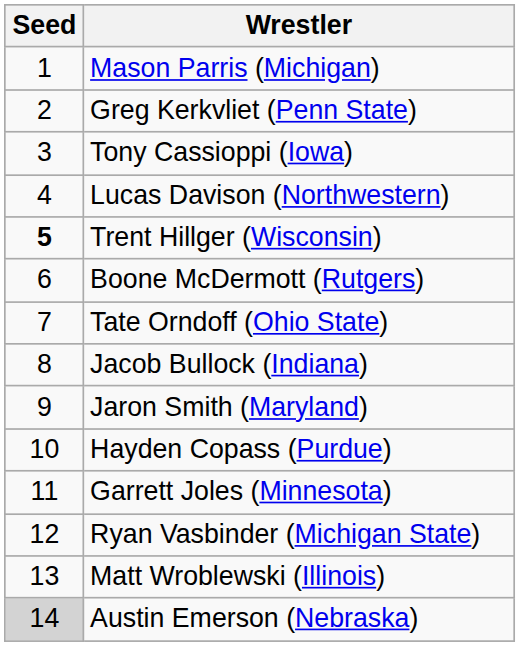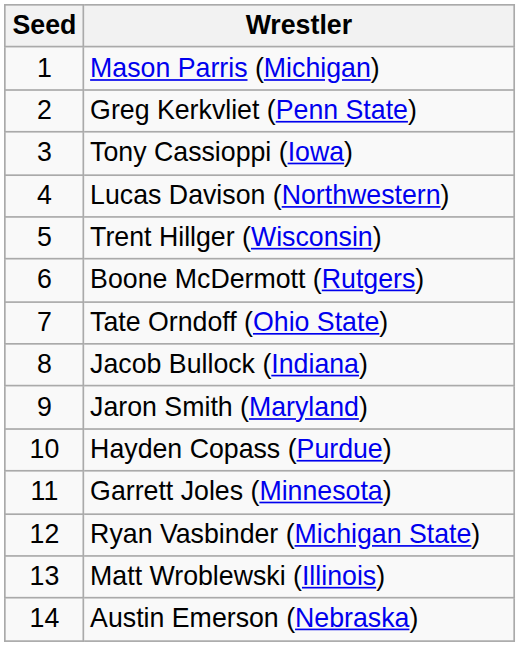 <table class="wikitable" style="text-align: center;">
 <tr>
 <th width="40">Seed</th>
 <th width="250">Wrestler</th>
 </tr>
 <tr>
 <td>1</td>
 <td align="left"><a href='#'>Mason Parris</a> (<a href='#'>Michigan</a>)</td>
 </tr>
 <tr>
 <td>2</td>
 <td align="left">Greg Kerkvliet (<a href='#'>Penn State</a>)</td>
 </tr>
 <tr>
 <td>3</td>
 <td align="left">Tony Cassioppi (<a href='#'>Iowa</a>)</td>
 </tr>
 <tr>
 <td>4</td>
 <td align="left">Lucas Davison (<a href='#'>Northwestern</a>)</td>
 </tr>
 <tr>
-<td><strong>5</strong></td>
+<td>5</td>
 <td align="left">Trent Hillger (<a href='#'>Wisconsin</a>)</td>
 </tr>
 <tr>
 <td>6</td>
 <td align="left">Boone McDermott (<a href='#'>Rutgers</a>)</td>
 </tr>
 <tr>
 <td>7</td>
 <td align="left">Tate Orndoff (<a href='#'>Ohio State</a>)</td>
 </tr>
 <tr>
 <td>8</td>
 <td align="left">Jacob Bullock (<a href='#'>Indiana</a>)</td>
 </tr>
 <tr>
 <td>9</td>
 <td align="left">Jaron Smith (<a href='#'>Maryland</a>)</td>
 </tr>
 <tr>
 <td>10</td>
 <td align="left">Hayden Copass (<a href='#'>Purdue</a>)</td>
 </tr>
 <tr>
 <td>11</td>
 <td align="left">Garrett Joles (<a href='#'>Minnesota</a>)</td>
 </tr>
 <tr>
 <td>12</td>
 <td align="left">Ryan Vasbinder (<a href='#'>Michigan State</a>)</td>
 </tr>
 <tr>
 <td>13</td>
 <td align="left">Matt Wroblewski (<a href='#'>Illinois</a>)</td>
 </tr>
 <tr>
-<td style="background: lightgrey;">14</td>
+<td>14</td>
 <td align="left">Austin Emerson (<a href='#'>Nebraska</a>)</td>
 </tr>
 </table>
